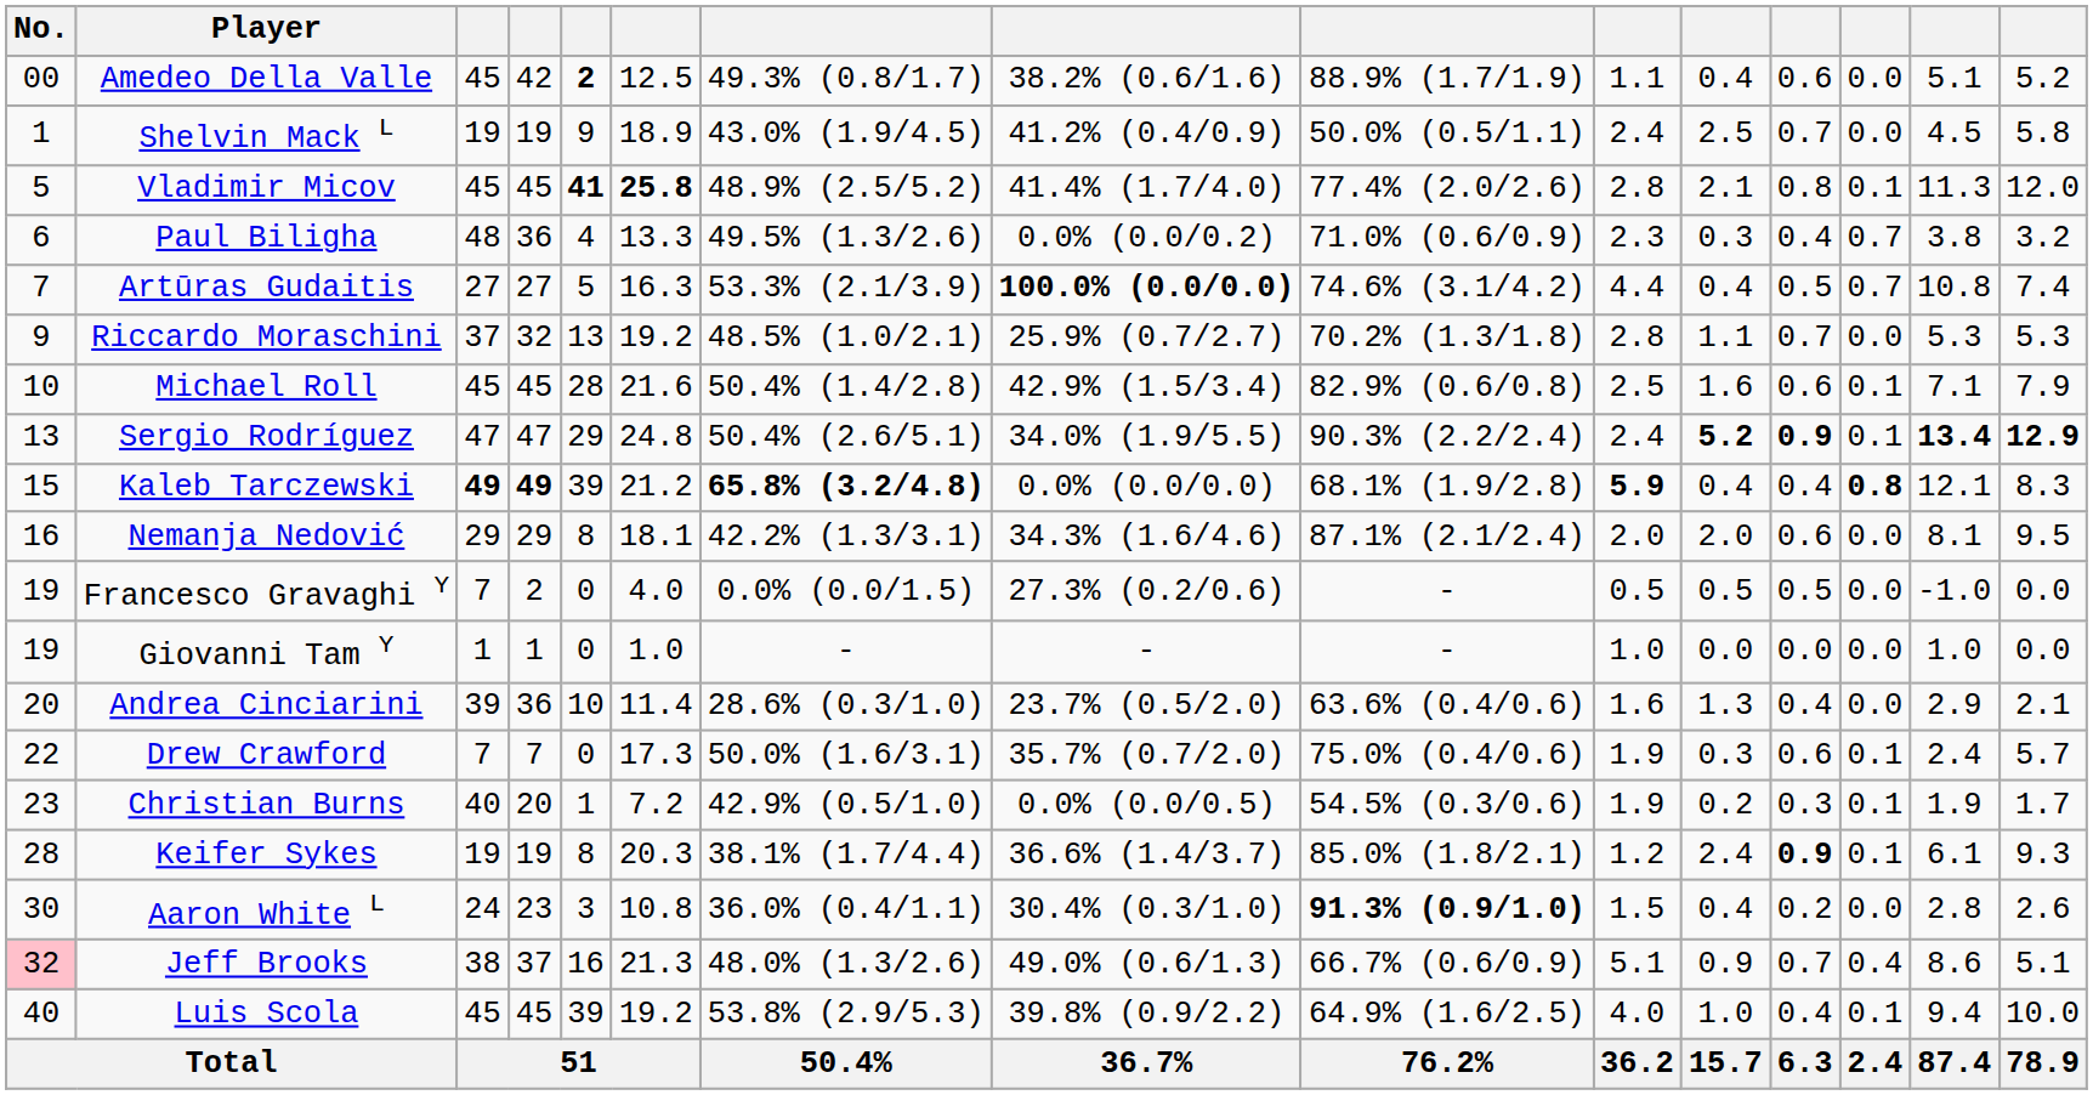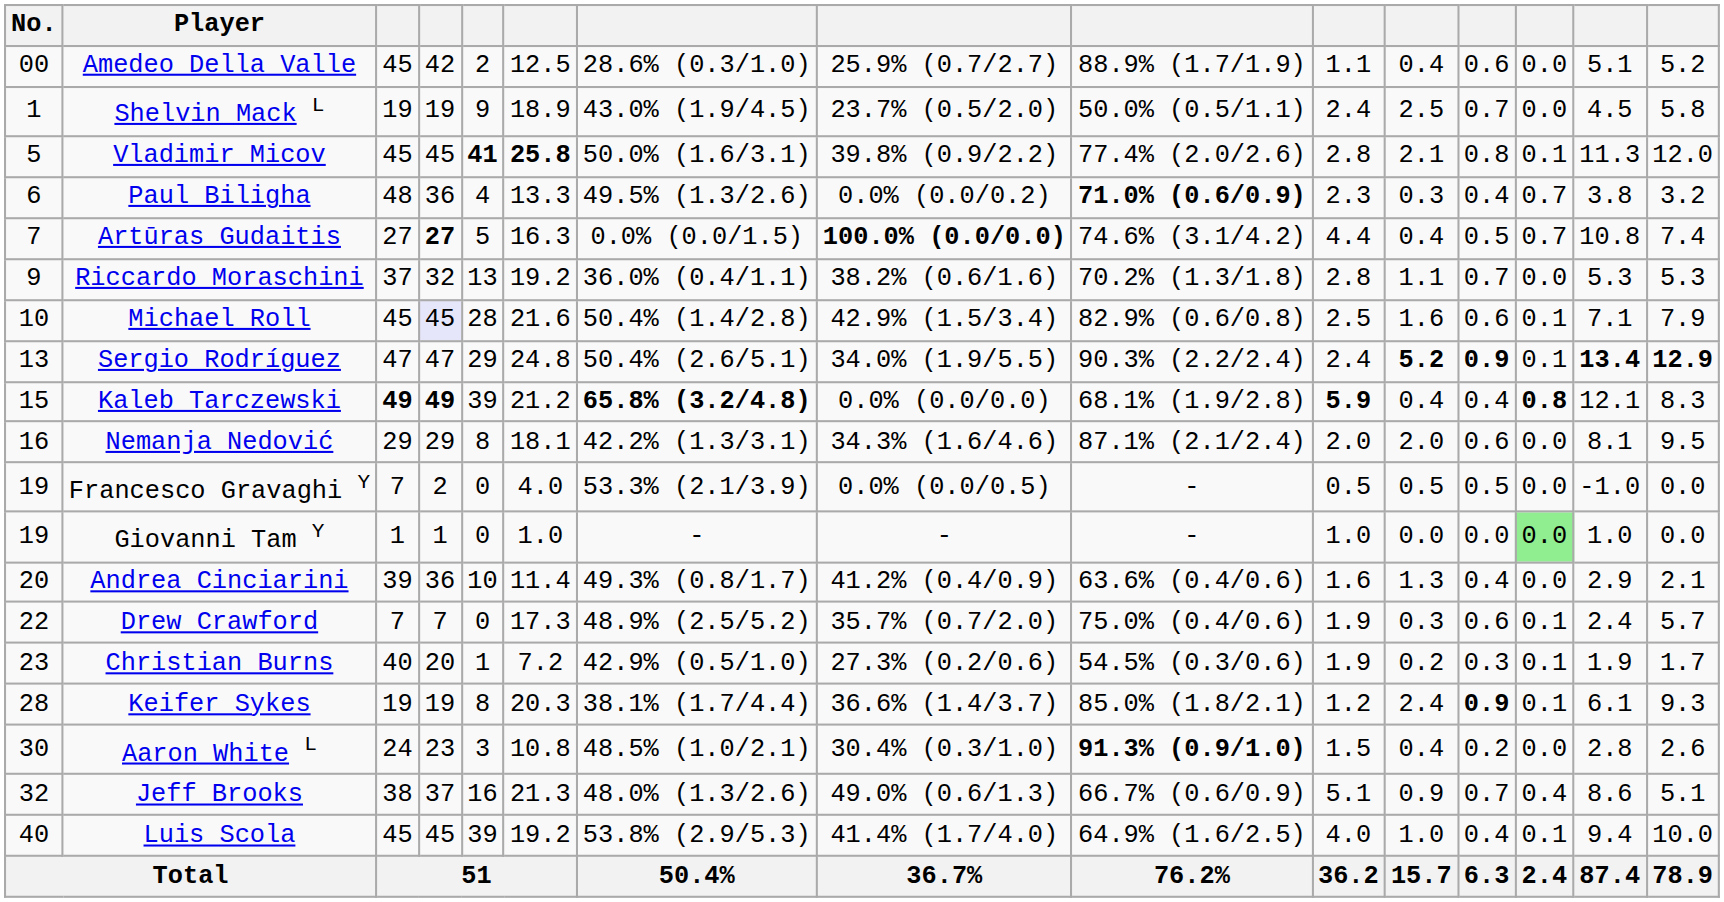 <table class="wikitable sortable" style="text-align:center; font-size:95%">
 <tr>
 <th>No.</th>
 <th>Player</th>
 <th></th>
 <th></th>
 <th></th>
 <th></th>
 <th></th>
 <th></th>
 <th></th>
 <th></th>
 <th></th>
 <th></th>
 <th></th>
 <th></th>
 <th></th>
 </tr>
 <tr>
 <td>00</td>
 <td><a href='#'>Amedeo Della Valle</a></td>
 <td>45</td>
 <td>42</td>
-<td><strong>2</strong></td>
+<td>2</td>
 <td>12.5</td>
-<td>49.3% (0.8/1.7)</td>
-<td>38.2% (0.6/1.6)</td>
+<td>28.6% (0.3/1.0)</td>
+<td>25.9% (0.7/2.7)</td>
 <td>88.9% (1.7/1.9)</td>
 <td>1.1</td>
 <td>0.4</td>
 <td>0.6</td>
 <td>0.0</td>
 <td>5.1</td>
 <td>5.2</td>
 </tr>
 <tr>
 <td>1</td>
 <td><a href='#'>Shelvin Mack</a> <sup>L</sup></td>
 <td>19</td>
 <td>19</td>
 <td>9</td>
 <td>18.9</td>
 <td>43.0% (1.9/4.5)</td>
-<td>41.2% (0.4/0.9)</td>
+<td>23.7% (0.5/2.0)</td>
 <td>50.0% (0.5/1.1)</td>
 <td>2.4</td>
 <td>2.5</td>
 <td>0.7</td>
 <td>0.0</td>
 <td>4.5</td>
 <td>5.8</td>
 </tr>
 <tr>
 <td>5</td>
 <td><a href='#'>Vladimir Micov</a></td>
 <td>45</td>
 <td>45</td>
 <td><strong>41</strong></td>
 <td><strong>25.8</strong></td>
-<td>48.9% (2.5/5.2)</td>
-<td>41.4% (1.7/4.0)</td>
+<td>50.0% (1.6/3.1)</td>
+<td>39.8% (0.9/2.2)</td>
 <td>77.4% (2.0/2.6)</td>
 <td>2.8</td>
 <td>2.1</td>
 <td>0.8</td>
 <td>0.1</td>
 <td>11.3</td>
 <td>12.0</td>
 </tr>
 <tr>
 <td>6</td>
 <td><a href='#'>Paul Biligha</a></td>
 <td>48</td>
 <td>36</td>
 <td>4</td>
 <td>13.3</td>
 <td>49.5% (1.3/2.6)</td>
 <td>0.0% (0.0/0.2)</td>
-<td>71.0% (0.6/0.9)</td>
+<td><strong>71.0% (0.6/0.9)</strong></td>
 <td>2.3</td>
 <td>0.3</td>
 <td>0.4</td>
 <td>0.7</td>
 <td>3.8</td>
 <td>3.2</td>
 </tr>
 <tr>
 <td>7</td>
 <td><a href='#'>Artūras Gudaitis</a></td>
 <td>27</td>
-<td>27</td>
+<td><strong>27</strong></td>
 <td>5</td>
 <td>16.3</td>
-<td>53.3% (2.1/3.9)</td>
+<td>0.0% (0.0/1.5)</td>
 <td><strong>100.0% (0.0/0.0)</strong></td>
 <td>74.6% (3.1/4.2)</td>
 <td>4.4</td>
 <td>0.4</td>
 <td>0.5</td>
 <td>0.7</td>
 <td>10.8</td>
 <td>7.4</td>
 </tr>
 <tr>
 <td>9</td>
 <td><a href='#'>Riccardo Moraschini</a></td>
 <td>37</td>
 <td>32</td>
 <td>13</td>
 <td>19.2</td>
-<td>48.5% (1.0/2.1)</td>
-<td>25.9% (0.7/2.7)</td>
+<td>36.0% (0.4/1.1)</td>
+<td>38.2% (0.6/1.6)</td>
 <td>70.2% (1.3/1.8)</td>
 <td>2.8</td>
 <td>1.1</td>
 <td>0.7</td>
 <td>0.0</td>
 <td>5.3</td>
 <td>5.3</td>
 </tr>
 <tr>
 <td>10</td>
 <td><a href='#'>Michael Roll</a></td>
 <td>45</td>
-<td>45</td>
+<td style="background: lavender;">45</td>
 <td>28</td>
 <td>21.6</td>
 <td>50.4% (1.4/2.8)</td>
 <td>42.9% (1.5/3.4)</td>
 <td>82.9% (0.6/0.8)</td>
 <td>2.5</td>
 <td>1.6</td>
 <td>0.6</td>
 <td>0.1</td>
 <td>7.1</td>
 <td>7.9</td>
 </tr>
 <tr>
 <td>13</td>
 <td><a href='#'>Sergio Rodríguez</a></td>
 <td>47</td>
 <td>47</td>
 <td>29</td>
 <td>24.8</td>
 <td>50.4% (2.6/5.1)</td>
 <td>34.0% (1.9/5.5)</td>
 <td>90.3% (2.2/2.4)</td>
 <td>2.4</td>
 <td><strong>5.2</strong></td>
 <td><strong>0.9</strong></td>
 <td>0.1</td>
 <td><strong>13.4</strong></td>
 <td><strong>12.9</strong></td>
 </tr>
 <tr>
 <td>15</td>
 <td><a href='#'>Kaleb Tarczewski</a></td>
 <td><strong>49</strong></td>
 <td><strong>49</strong></td>
 <td>39</td>
 <td>21.2</td>
 <td><strong>65.8% (3.2/4.8)</strong></td>
 <td>0.0% (0.0/0.0)</td>
 <td>68.1% (1.9/2.8)</td>
 <td><strong>5.9</strong></td>
 <td>0.4</td>
 <td>0.4</td>
 <td><strong>0.8</strong></td>
 <td>12.1</td>
 <td>8.3</td>
 </tr>
 <tr>
 <td>16</td>
 <td><a href='#'>Nemanja Nedović</a></td>
 <td>29</td>
 <td>29</td>
 <td>8</td>
 <td>18.1</td>
 <td>42.2% (1.3/3.1)</td>
 <td>34.3% (1.6/4.6)</td>
 <td>87.1% (2.1/2.4)</td>
 <td>2.0</td>
 <td>2.0</td>
 <td>0.6</td>
 <td>0.0</td>
 <td>8.1</td>
 <td>9.5</td>
 </tr>
 <tr>
 <td>19</td>
 <td>Francesco Gravaghi <sup>Y</sup></td>
 <td>7</td>
 <td>2</td>
 <td>0</td>
 <td>4.0</td>
-<td>0.0% (0.0/1.5)</td>
-<td>27.3% (0.2/0.6)</td>
+<td>53.3% (2.1/3.9)</td>
+<td>0.0% (0.0/0.5)</td>
 <td>-</td>
 <td>0.5</td>
 <td>0.5</td>
 <td>0.5</td>
 <td>0.0</td>
 <td>-1.0</td>
 <td>0.0</td>
 </tr>
 <tr>
 <td>19</td>
 <td>Giovanni Tam <sup>Y</sup></td>
 <td>1</td>
 <td>1</td>
 <td>0</td>
 <td>1.0</td>
 <td>-</td>
 <td>-</td>
 <td>-</td>
 <td>1.0</td>
 <td>0.0</td>
 <td>0.0</td>
-<td>0.0</td>
+<td style="background: lightgreen;">0.0</td>
 <td>1.0</td>
 <td>0.0</td>
 </tr>
 <tr>
 <td>20</td>
 <td><a href='#'>Andrea Cinciarini</a></td>
 <td>39</td>
 <td>36</td>
 <td>10</td>
 <td>11.4</td>
-<td>28.6% (0.3/1.0)</td>
-<td>23.7% (0.5/2.0)</td>
+<td>49.3% (0.8/1.7)</td>
+<td>41.2% (0.4/0.9)</td>
 <td>63.6% (0.4/0.6)</td>
 <td>1.6</td>
 <td>1.3</td>
 <td>0.4</td>
 <td>0.0</td>
 <td>2.9</td>
 <td>2.1</td>
 </tr>
 <tr>
 <td>22</td>
 <td><a href='#'>Drew Crawford</a></td>
 <td>7</td>
 <td>7</td>
 <td>0</td>
 <td>17.3</td>
-<td>50.0% (1.6/3.1)</td>
+<td>48.9% (2.5/5.2)</td>
 <td>35.7% (0.7/2.0)</td>
 <td>75.0% (0.4/0.6)</td>
 <td>1.9</td>
 <td>0.3</td>
 <td>0.6</td>
 <td>0.1</td>
 <td>2.4</td>
 <td>5.7</td>
 </tr>
 <tr>
 <td>23</td>
 <td><a href='#'>Christian Burns</a></td>
 <td>40</td>
 <td>20</td>
 <td>1</td>
 <td>7.2</td>
 <td>42.9% (0.5/1.0)</td>
-<td>0.0% (0.0/0.5)</td>
+<td>27.3% (0.2/0.6)</td>
 <td>54.5% (0.3/0.6)</td>
 <td>1.9</td>
 <td>0.2</td>
 <td>0.3</td>
 <td>0.1</td>
 <td>1.9</td>
 <td>1.7</td>
 </tr>
 <tr>
 <td>28</td>
 <td><a href='#'>Keifer Sykes</a></td>
 <td>19</td>
 <td>19</td>
 <td>8</td>
 <td>20.3</td>
 <td>38.1% (1.7/4.4)</td>
 <td>36.6% (1.4/3.7)</td>
 <td>85.0% (1.8/2.1)</td>
 <td>1.2</td>
 <td>2.4</td>
 <td><strong>0.9</strong></td>
 <td>0.1</td>
 <td>6.1</td>
 <td>9.3</td>
 </tr>
 <tr>
 <td>30</td>
 <td><a href='#'>Aaron White</a> <sup>L</sup></td>
 <td>24</td>
 <td>23</td>
 <td>3</td>
 <td>10.8</td>
-<td>36.0% (0.4/1.1)</td>
+<td>48.5% (1.0/2.1)</td>
 <td>30.4% (0.3/1.0)</td>
 <td><strong>91.3% (0.9/1.0)</strong></td>
 <td>1.5</td>
 <td>0.4</td>
 <td>0.2</td>
 <td>0.0</td>
 <td>2.8</td>
 <td>2.6</td>
 </tr>
 <tr>
-<td style="background: pink;">32</td>
+<td>32</td>
 <td><a href='#'>Jeff Brooks</a></td>
 <td>38</td>
 <td>37</td>
 <td>16</td>
 <td>21.3</td>
 <td>48.0% (1.3/2.6)</td>
 <td>49.0% (0.6/1.3)</td>
 <td>66.7% (0.6/0.9)</td>
 <td>5.1</td>
 <td>0.9</td>
 <td>0.7</td>
 <td>0.4</td>
 <td>8.6</td>
 <td>5.1</td>
 </tr>
 <tr>
 <td>40</td>
 <td><a href='#'>Luis Scola</a></td>
 <td>45</td>
 <td>45</td>
 <td>39</td>
 <td>19.2</td>
 <td>53.8% (2.9/5.3)</td>
-<td>39.8% (0.9/2.2)</td>
+<td>41.4% (1.7/4.0)</td>
 <td>64.9% (1.6/2.5)</td>
 <td>4.0</td>
 <td>1.0</td>
 <td>0.4</td>
 <td>0.1</td>
 <td>9.4</td>
 <td>10.0</td>
 </tr>
 <tr class="sortbottom">
 <th colspan=2>Total</th>
 <th colspan=4>51</th>
 <th>50.4%</th>
 <th>36.7%</th>
 <th>76.2%</th>
 <th>36.2</th>
 <th>15.7</th>
 <th>6.3</th>
 <th>2.4</th>
 <th>87.4</th>
 <th>78.9</th>
 </tr>
 </table>
